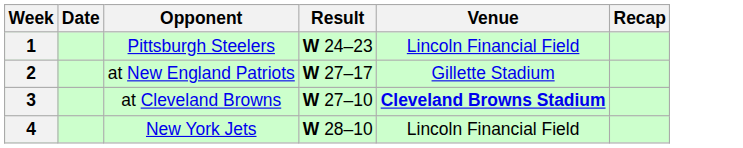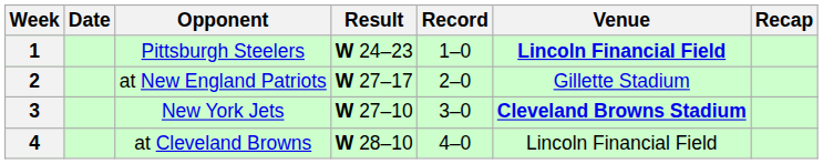 <table class="wikitable" style="text-align:center">
 <tr>
 <th>Week</th>
 <th>Date</th>
 <th>Opponent</th>
 <th>Result</th>
+<th>Record</th>
 <th>Venue</th>
 <th>Recap</th>
 </tr>
 <tr style="background:#cfc">
 <th>1</th>
 <td></td>
 <td><a href='#'>Pittsburgh Steelers</a></td>
 <td><strong>W</strong> 24–23</td>
-<td><a href='#'>Lincoln Financial Field</a></td>
+<td>1–0</td>
+<td><strong><a href='#'>Lincoln Financial Field</a></strong></td>
 <td></td>
 </tr>
 <tr style="background:#cfc">
 <th>2</th>
 <td></td>
 <td>at <a href='#'>New England Patriots</a></td>
 <td><strong>W</strong> 27–17</td>
+<td>2–0</td>
 <td><a href='#'>Gillette Stadium</a></td>
 <td></td>
 </tr>
 <tr style="background:#cfc">
 <th>3</th>
 <td></td>
-<td>at <a href='#'>Cleveland Browns</a></td>
+<td><a href='#'>New York Jets</a></td>
 <td><strong>W</strong> 27–10</td>
+<td>3–0</td>
 <td><strong><a href='#'>Cleveland Browns Stadium</a></strong></td>
 <td></td>
 </tr>
 <tr style="background:#cfc">
 <th>4</th>
 <td></td>
-<td><a href='#'>New York Jets</a></td>
+<td>at <a href='#'>Cleveland Browns</a></td>
 <td><strong>W</strong> 28–10</td>
+<td>4–0</td>
 <td>Lincoln Financial Field</td>
 <td></td>
 </tr>
 </table>
